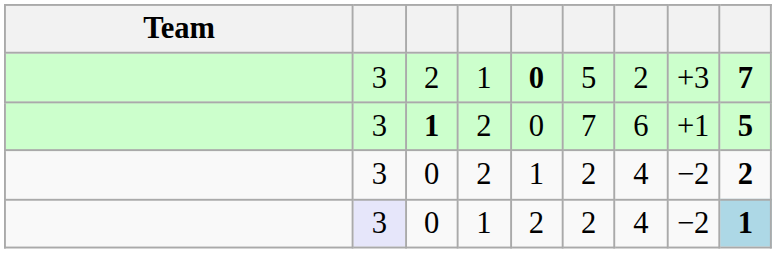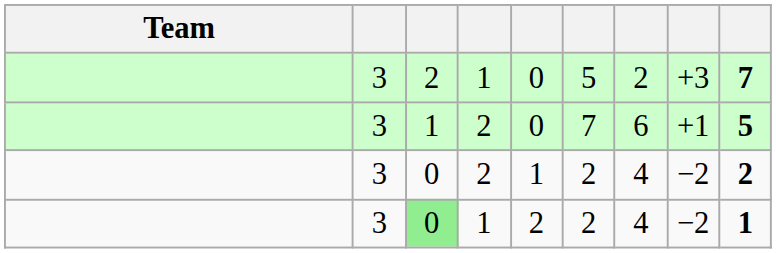 <table class="wikitable" style="text-align:center">
 <tr>
 <th width=175>Team</th>
 <th width=20></th>
 <th width=20></th>
 <th width=20></th>
 <th width=20></th>
 <th width=20></th>
 <th width=20></th>
 <th width=20></th>
 <th width=20></th>
 </tr>
 <tr bgcolor=ccffcc>
 <td align=left></td>
 <td>3</td>
 <td>2</td>
 <td>1</td>
-<td><strong>0</strong></td>
+<td>0</td>
 <td>5</td>
 <td>2</td>
 <td>+3</td>
 <td><strong>7</strong></td>
 </tr>
 <tr bgcolor=ccffcc>
 <td align=left></td>
 <td>3</td>
-<td><strong>1</strong></td>
+<td>1</td>
 <td>2</td>
 <td>0</td>
 <td>7</td>
 <td>6</td>
 <td>+1</td>
 <td><strong>5</strong></td>
 </tr>
 <tr>
 <td align=left></td>
 <td>3</td>
 <td>0</td>
 <td>2</td>
 <td>1</td>
 <td>2</td>
 <td>4</td>
 <td>−2</td>
 <td><strong>2</strong></td>
 </tr>
 <tr>
 <td align=left></td>
-<td style="background: lavender;">3</td>
-<td>0</td>
+<td>3</td>
+<td style="background: lightgreen;">0</td>
 <td>1</td>
 <td>2</td>
 <td>2</td>
 <td>4</td>
 <td>−2</td>
-<td style="background: lightblue;"><strong>1</strong></td>
+<td><strong>1</strong></td>
 </tr>
 </table>
